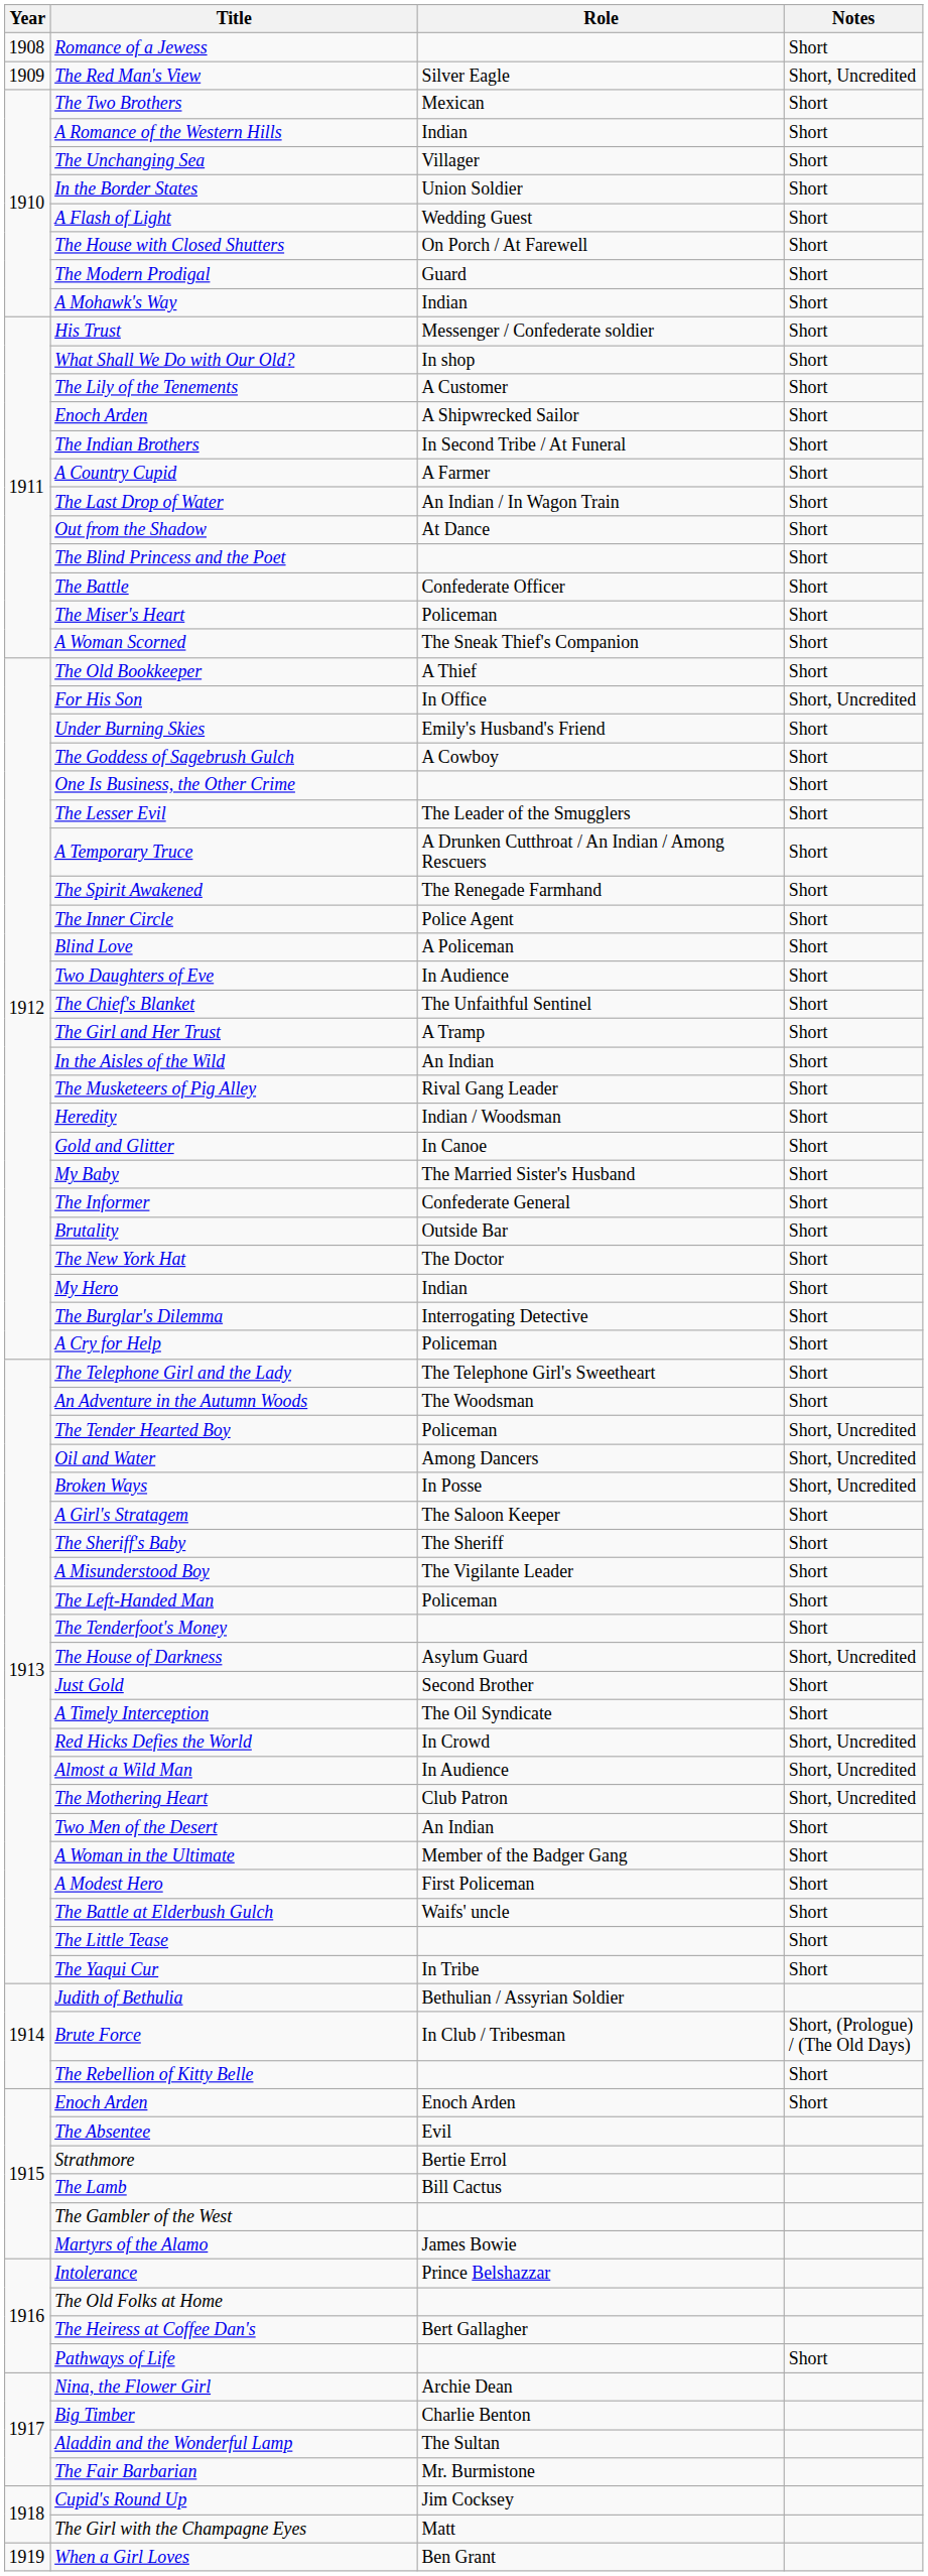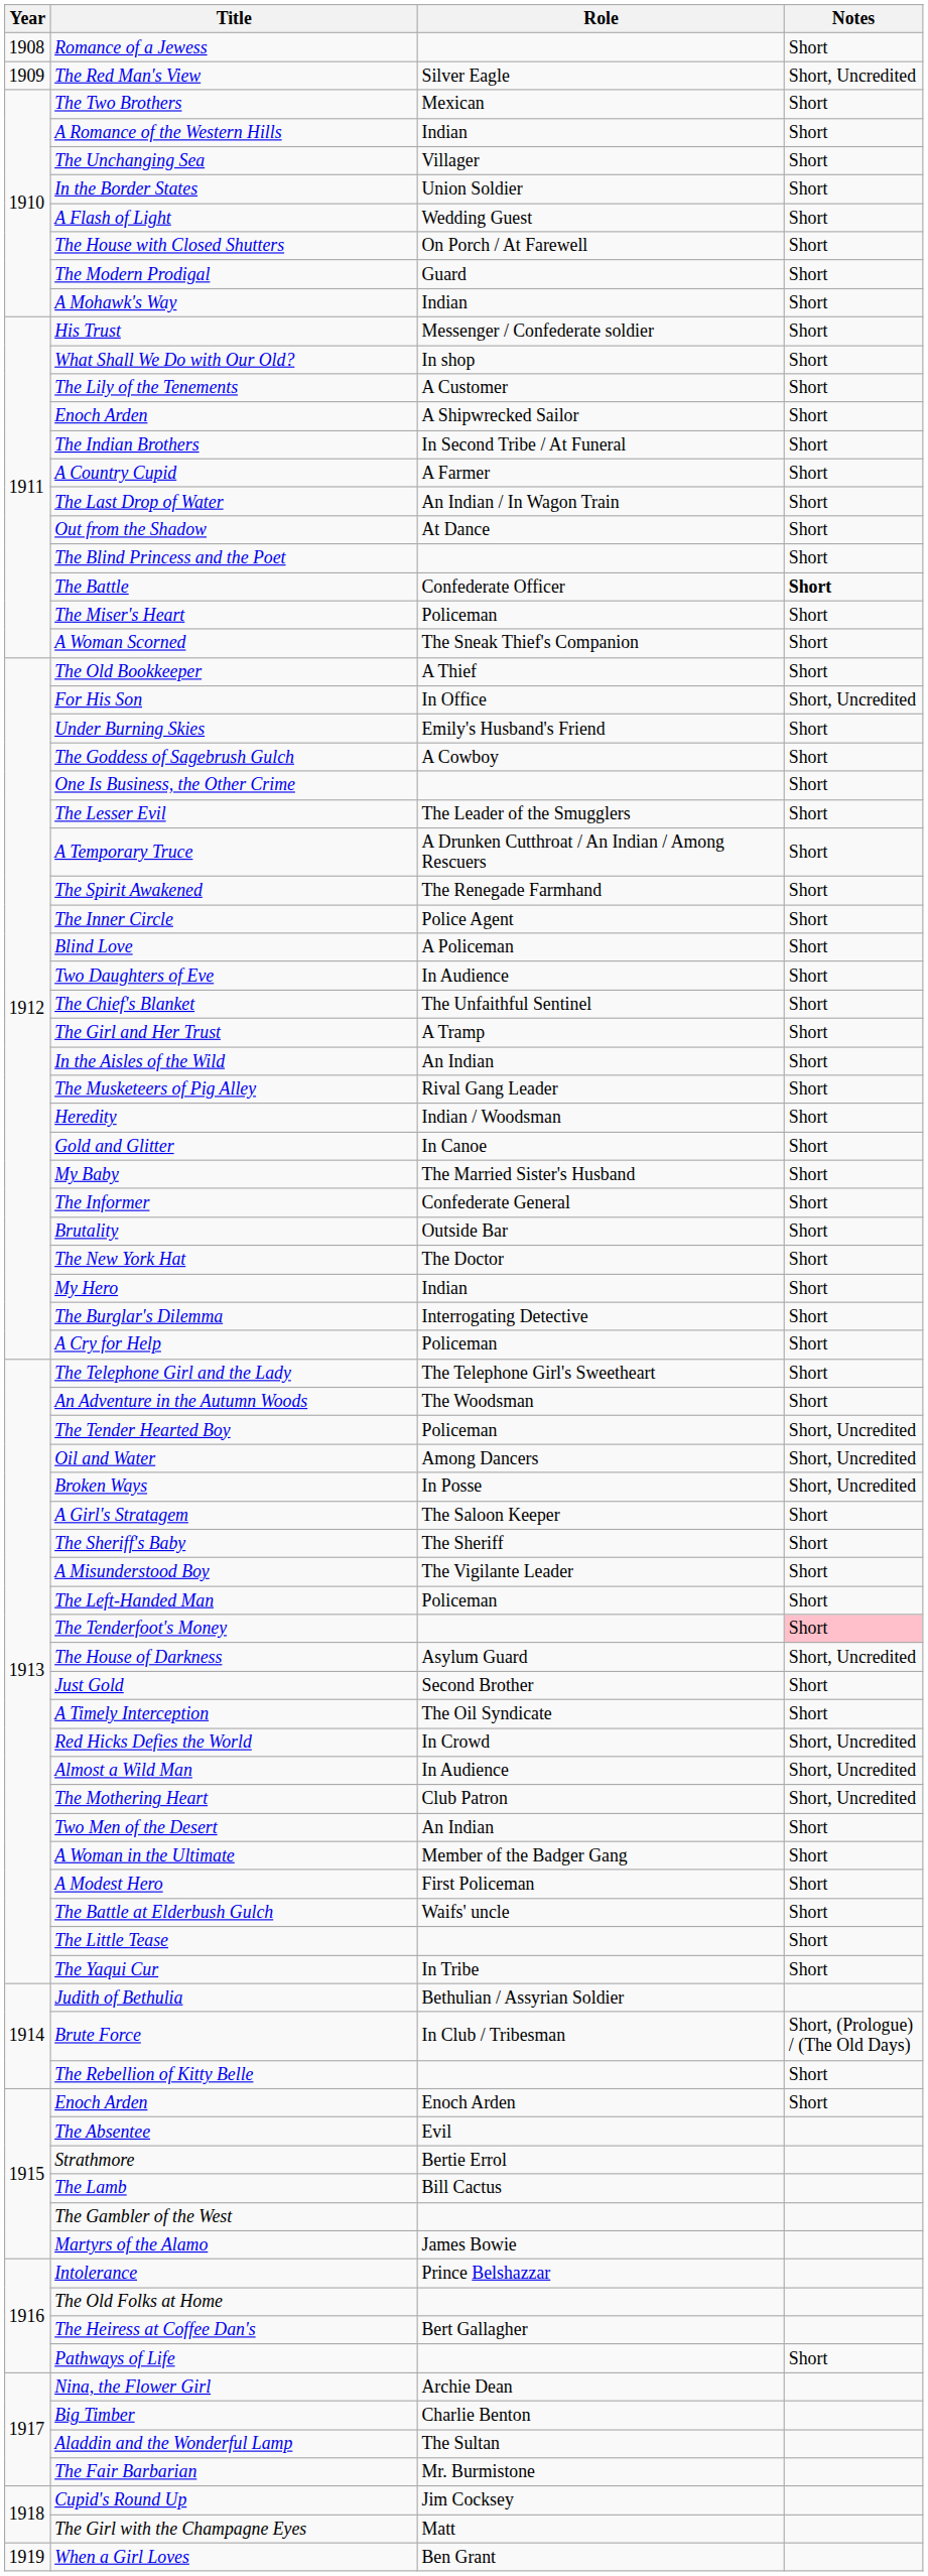 <table class=wikitable width=65%>
 <tr>
 <th width=5%>Year</th>
 <th width=40%>Title</th>
 <th width=40%>Role</th>
 <th>Notes</th>
 </tr>
 <tr>
 <td>1908</td>
 <td><em><a href='#'>Romance of a Jewess</a></em></td>
 <td></td>
 <td>Short</td>
 </tr>
 <tr>
 <td>1909</td>
 <td><em><a href='#'>The Red Man's View</a></em></td>
 <td>Silver Eagle</td>
 <td>Short, Uncredited</td>
 </tr>
 <tr>
 <td rowspan=8>1910</td>
 <td><em><a href='#'>The Two Brothers</a></em></td>
 <td>Mexican</td>
 <td>Short</td>
 </tr>
 <tr>
 <td><em><a href='#'>A Romance of the Western Hills</a></em></td>
 <td>Indian</td>
 <td>Short</td>
 </tr>
 <tr>
 <td><em><a href='#'>The Unchanging Sea</a></em></td>
 <td>Villager</td>
 <td>Short</td>
 </tr>
 <tr>
 <td><em><a href='#'>In the Border States</a></em></td>
 <td>Union Soldier</td>
 <td>Short</td>
 </tr>
 <tr>
 <td><em><a href='#'>A Flash of Light</a></em></td>
 <td>Wedding Guest</td>
 <td>Short</td>
 </tr>
 <tr>
 <td><em><a href='#'>The House with Closed Shutters</a></em></td>
 <td>On Porch / At Farewell</td>
 <td>Short</td>
 </tr>
 <tr>
 <td><em><a href='#'>The Modern Prodigal</a></em></td>
 <td>Guard</td>
 <td>Short</td>
 </tr>
 <tr>
 <td><em><a href='#'>A Mohawk's Way</a></em></td>
 <td>Indian</td>
 <td>Short</td>
 </tr>
 <tr>
 <td rowspan=12>1911</td>
 <td><em><a href='#'>His Trust</a></em></td>
 <td>Messenger / Confederate soldier</td>
 <td>Short</td>
 </tr>
 <tr>
 <td><em><a href='#'>What Shall We Do with Our Old?</a></em></td>
 <td>In shop</td>
 <td>Short</td>
 </tr>
 <tr>
 <td><em><a href='#'>The Lily of the Tenements</a></em></td>
 <td>A Customer</td>
 <td>Short</td>
 </tr>
 <tr>
 <td><em><a href='#'>Enoch Arden</a></em></td>
 <td>A Shipwrecked Sailor</td>
 <td>Short</td>
 </tr>
 <tr>
 <td><em><a href='#'>The Indian Brothers</a></em></td>
 <td>In Second Tribe / At Funeral</td>
 <td>Short</td>
 </tr>
 <tr>
 <td><em><a href='#'>A Country Cupid</a></em></td>
 <td>A Farmer</td>
 <td>Short</td>
 </tr>
 <tr>
 <td><em><a href='#'>The Last Drop of Water</a></em></td>
 <td>An Indian / In Wagon Train</td>
 <td>Short</td>
 </tr>
 <tr>
 <td><em><a href='#'>Out from the Shadow</a></em></td>
 <td>At Dance</td>
 <td>Short</td>
 </tr>
 <tr>
 <td><em><a href='#'>The Blind Princess and the Poet</a></em></td>
 <td></td>
 <td>Short</td>
 </tr>
 <tr>
 <td><em><a href='#'>The Battle</a></em></td>
 <td>Confederate Officer</td>
-<td>Short</td>
+<td><strong>Short</strong></td>
 </tr>
 <tr>
 <td><em><a href='#'>The Miser's Heart</a></em></td>
 <td>Policeman</td>
 <td>Short</td>
 </tr>
 <tr>
 <td><em><a href='#'>A Woman Scorned</a></em></td>
 <td>The Sneak Thief's Companion</td>
 <td>Short</td>
 </tr>
 <tr>
 <td rowspan="24">1912</td>
 <td><em><a href='#'>The Old Bookkeeper</a></em></td>
 <td>A Thief</td>
 <td>Short</td>
 </tr>
 <tr>
 <td><em><a href='#'>For His Son</a></em></td>
 <td>In Office</td>
 <td>Short, Uncredited</td>
 </tr>
 <tr>
 <td><em><a href='#'>Under Burning Skies</a></em></td>
 <td>Emily's Husband's Friend</td>
 <td>Short</td>
 </tr>
 <tr>
 <td><em><a href='#'>The Goddess of Sagebrush Gulch</a></em></td>
 <td>A Cowboy</td>
 <td>Short</td>
 </tr>
 <tr>
 <td><em><a href='#'>One Is Business, the Other Crime</a></em></td>
 <td></td>
 <td>Short</td>
 </tr>
 <tr>
 <td><em><a href='#'>The Lesser Evil</a></em></td>
 <td>The Leader of the Smugglers</td>
 <td>Short</td>
 </tr>
 <tr>
 <td><em><a href='#'>A Temporary Truce</a></em></td>
 <td>A Drunken Cutthroat / An Indian / Among Rescuers</td>
 <td>Short</td>
 </tr>
 <tr>
 <td><em><a href='#'>The Spirit Awakened</a></em></td>
 <td>The Renegade Farmhand</td>
 <td>Short</td>
 </tr>
 <tr>
 <td><em><a href='#'>The Inner Circle</a></em></td>
 <td>Police Agent</td>
 <td>Short</td>
 </tr>
 <tr>
 <td><em><a href='#'>Blind Love</a></em></td>
 <td>A Policeman</td>
 <td>Short</td>
 </tr>
 <tr>
 <td><em><a href='#'>Two Daughters of Eve</a></em></td>
 <td>In Audience</td>
 <td>Short</td>
 </tr>
 <tr>
 <td><em><a href='#'>The Chief's Blanket</a></em></td>
 <td>The Unfaithful Sentinel</td>
 <td>Short</td>
 </tr>
 <tr>
 <td><em><a href='#'>The Girl and Her Trust</a></em></td>
 <td>A Tramp</td>
 <td>Short</td>
 </tr>
 <tr>
 <td><em><a href='#'>In the Aisles of the Wild</a></em></td>
 <td>An Indian</td>
 <td>Short</td>
 </tr>
 <tr>
 <td><em><a href='#'>The Musketeers of Pig Alley</a></em></td>
 <td>Rival Gang Leader</td>
 <td>Short</td>
 </tr>
 <tr>
 <td><em><a href='#'>Heredity</a></em></td>
 <td>Indian / Woodsman</td>
 <td>Short</td>
 </tr>
 <tr>
 <td><em><a href='#'>Gold and Glitter</a></em></td>
 <td>In Canoe</td>
 <td>Short</td>
 </tr>
 <tr>
 <td><em><a href='#'>My Baby</a></em></td>
 <td>The Married Sister's Husband</td>
 <td>Short</td>
 </tr>
 <tr>
 <td><em><a href='#'>The Informer</a></em></td>
 <td>Confederate General</td>
 <td>Short</td>
 </tr>
 <tr>
 <td><em><a href='#'>Brutality</a></em></td>
 <td>Outside Bar</td>
 <td>Short</td>
 </tr>
 <tr>
 <td><em><a href='#'>The New York Hat</a></em></td>
 <td>The Doctor</td>
 <td>Short</td>
 </tr>
 <tr>
 <td><em><a href='#'>My Hero</a></em></td>
 <td>Indian</td>
 <td>Short</td>
 </tr>
 <tr>
 <td><em><a href='#'>The Burglar's Dilemma</a></em></td>
 <td>Interrogating Detective</td>
 <td>Short</td>
 </tr>
 <tr>
 <td><em><a href='#'>A Cry for Help</a></em></td>
 <td>Policeman</td>
 <td>Short</td>
 </tr>
 <tr>
 <td rowspan=22>1913</td>
 <td><em><a href='#'>The Telephone Girl and the Lady</a></em></td>
 <td>The Telephone Girl's Sweetheart</td>
 <td>Short</td>
 </tr>
 <tr>
 <td><em><a href='#'>An Adventure in the Autumn Woods</a></em></td>
 <td>The Woodsman</td>
 <td>Short</td>
 </tr>
 <tr>
 <td><em><a href='#'>The Tender Hearted Boy</a></em></td>
 <td>Policeman</td>
 <td>Short, Uncredited</td>
 </tr>
 <tr>
 <td><em><a href='#'>Oil and Water</a></em></td>
 <td>Among Dancers</td>
 <td>Short, Uncredited</td>
 </tr>
 <tr>
 <td><em><a href='#'>Broken Ways</a></em></td>
 <td>In Posse</td>
 <td>Short, Uncredited</td>
 </tr>
 <tr>
 <td><em><a href='#'>A Girl's Stratagem</a></em></td>
 <td>The Saloon Keeper</td>
 <td>Short</td>
 </tr>
 <tr>
 <td><em><a href='#'>The Sheriff's Baby</a></em></td>
 <td>The Sheriff</td>
 <td>Short</td>
 </tr>
 <tr>
 <td><em><a href='#'>A Misunderstood Boy</a></em></td>
 <td>The Vigilante Leader</td>
 <td>Short</td>
 </tr>
 <tr>
 <td><em><a href='#'>The Left-Handed Man</a></em></td>
 <td>Policeman</td>
 <td>Short</td>
 </tr>
 <tr>
 <td><em><a href='#'>The Tenderfoot's Money</a></em></td>
 <td></td>
-<td>Short</td>
+<td style="background: pink;">Short</td>
 </tr>
 <tr>
 <td><em><a href='#'>The House of Darkness</a></em></td>
 <td>Asylum Guard</td>
 <td>Short, Uncredited</td>
 </tr>
 <tr>
 <td><em><a href='#'>Just Gold</a></em></td>
 <td>Second Brother</td>
 <td>Short</td>
 </tr>
 <tr>
 <td><em><a href='#'>A Timely Interception</a></em></td>
 <td>The Oil Syndicate</td>
 <td>Short</td>
 </tr>
 <tr>
 <td><em><a href='#'>Red Hicks Defies the World</a></em></td>
 <td>In Crowd</td>
 <td>Short, Uncredited</td>
 </tr>
 <tr>
 <td><em><a href='#'>Almost a Wild Man</a></em></td>
 <td>In Audience</td>
 <td>Short, Uncredited</td>
 </tr>
 <tr>
 <td><em><a href='#'>The Mothering Heart</a></em></td>
 <td>Club Patron</td>
 <td>Short, Uncredited</td>
 </tr>
 <tr>
 <td><em><a href='#'>Two Men of the Desert</a></em></td>
 <td>An Indian</td>
 <td>Short</td>
 </tr>
 <tr>
 <td><em><a href='#'>A Woman in the Ultimate</a></em></td>
 <td>Member of the Badger Gang</td>
 <td>Short</td>
 </tr>
 <tr>
 <td><em><a href='#'>A Modest Hero</a></em></td>
 <td>First Policeman</td>
 <td>Short</td>
 </tr>
 <tr>
 <td><em><a href='#'>The Battle at Elderbush Gulch</a></em></td>
 <td>Waifs' uncle</td>
 <td>Short</td>
 </tr>
 <tr>
 <td><em><a href='#'>The Little Tease</a></em></td>
 <td></td>
 <td>Short</td>
 </tr>
 <tr>
 <td><em><a href='#'>The Yaqui Cur</a></em></td>
 <td>In Tribe</td>
 <td>Short</td>
 </tr>
 <tr>
 <td rowspan=3>1914</td>
 <td><em><a href='#'>Judith of Bethulia</a></em></td>
 <td>Bethulian / Assyrian Soldier</td>
 <td></td>
 </tr>
 <tr>
 <td><em><a href='#'>Brute Force</a></em></td>
 <td>In Club / Tribesman</td>
 <td>Short, (Prologue) / (The Old Days)</td>
 </tr>
 <tr>
 <td><em><a href='#'>The Rebellion of Kitty Belle</a></em></td>
 <td></td>
 <td>Short</td>
 </tr>
 <tr>
 <td rowspan=6>1915</td>
 <td><em><a href='#'>Enoch Arden</a></em></td>
 <td>Enoch Arden</td>
 <td>Short</td>
 </tr>
 <tr>
 <td><em><a href='#'>The Absentee</a></em></td>
 <td>Evil</td>
 <td></td>
 </tr>
 <tr>
 <td><em>Strathmore</em></td>
 <td>Bertie Errol</td>
 <td></td>
 </tr>
 <tr>
 <td><em><a href='#'>The Lamb</a></em></td>
 <td>Bill Cactus</td>
 <td></td>
 </tr>
 <tr>
 <td><em>The Gambler of the West</em></td>
 <td></td>
 <td></td>
 </tr>
 <tr>
 <td><em><a href='#'>Martyrs of the Alamo</a></em></td>
 <td>James Bowie</td>
 <td></td>
 </tr>
 <tr>
 <td rowspan=4>1916</td>
 <td><em><a href='#'>Intolerance</a></em></td>
 <td>Prince <a href='#'>Belshazzar</a></td>
 <td></td>
 </tr>
 <tr>
 <td><em>The Old Folks at Home</em></td>
 <td></td>
 <td></td>
 </tr>
 <tr>
 <td><em><a href='#'>The Heiress at Coffee Dan's</a></em></td>
 <td>Bert Gallagher</td>
 <td></td>
 </tr>
 <tr>
 <td><em><a href='#'>Pathways of Life</a></em></td>
 <td></td>
 <td>Short</td>
 </tr>
 <tr>
 <td rowspan=4>1917</td>
 <td><em><a href='#'>Nina, the Flower Girl</a></em></td>
 <td>Archie Dean</td>
 <td></td>
 </tr>
 <tr>
 <td><em><a href='#'>Big Timber</a></em></td>
 <td>Charlie Benton</td>
 <td></td>
 </tr>
 <tr>
 <td><em><a href='#'>Aladdin and the Wonderful Lamp</a></em></td>
 <td>The Sultan</td>
 <td></td>
 </tr>
 <tr>
 <td><em><a href='#'>The Fair Barbarian</a></em></td>
 <td>Mr. Burmistone</td>
 <td></td>
 </tr>
 <tr>
 <td rowspan=2>1918</td>
 <td><em><a href='#'>Cupid's Round Up</a></em></td>
 <td>Jim Cocksey</td>
 <td></td>
 </tr>
 <tr>
 <td><em>The Girl with the Champagne Eyes</em></td>
 <td>Matt</td>
 <td></td>
 </tr>
 <tr>
 <td>1919</td>
 <td><em><a href='#'>When a Girl Loves</a></em></td>
 <td>Ben Grant</td>
 <td></td>
 </tr>
 </table>
